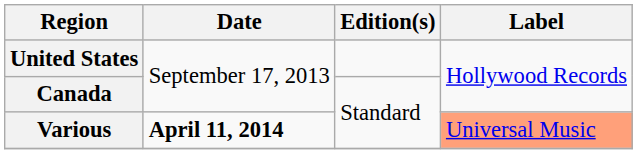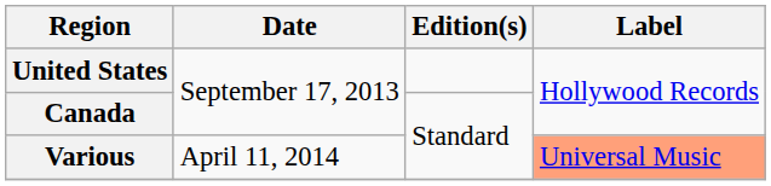 <table class="wikitable plainrowheaders">
 <tr>
 <th scope="col">Region</th>
 <th scope="col">Date</th>
 <th scope="col">Edition(s)</th>
 <th scope="col">Label</th>
 </tr>
 <tr>
 <th scope="row">United States</th>
 <td rowspan="2">September 17, 2013</td>
 <td></td>
 <td rowspan="2"><a href='#'>Hollywood Records</a></td>
 </tr>
 <tr>
 <th scope="row">Canada</th>
 <td rowspan="2">Standard</td>
 </tr>
 <tr>
 <th scope="row">Various</th>
-<td><strong>April 11, 2014</strong></td>
+<td>April 11, 2014</td>
 <td style="background: lightsalmon;"><a href='#'>Universal Music</a></td>
 </tr>
 <tr>
 </tr>
 </table>
